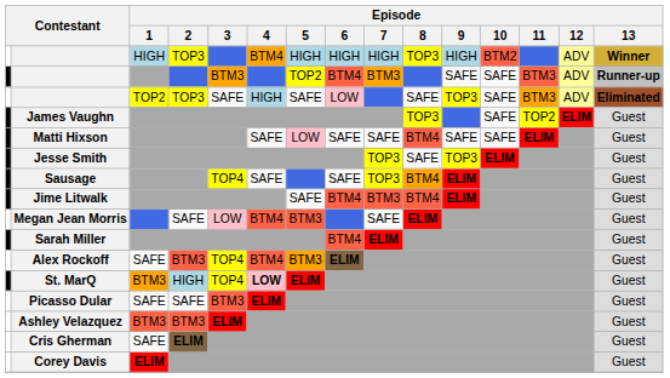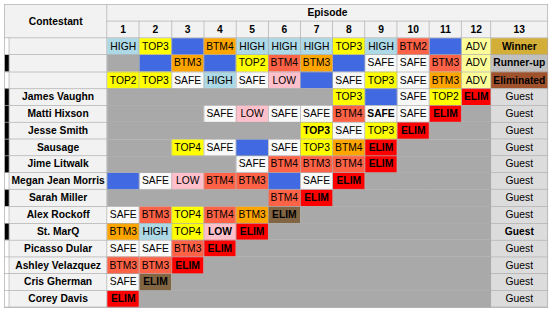 <table class="wikitable" style="text-align:center;font-size:96%">
 <tr>
 <th rowspan=2 colspan=2>Contestant</th>
 <th colspan=13>Episode</th>
 </tr>
 <tr>
 <th>1</th>
 <th>2</th>
 <th>3</th>
 <th>4</th>
 <th>5</th>
 <th>6</th>
 <th>7</th>
 <th>8</th>
 <th>9</th>
 <th>10</th>
 <th>11</th>
 <th>12</th>
 <th>13</th>
 </tr>
 <tr>
 <td style="background:white"></td>
 <th></th>
 <td style="background:lightblue;">HIGH</td>
 <td style="background:yellow ;">TOP3</td>
 <td style="background:royalblue;"><strong></strong></td>
 <td style="background:orange;">BTM4</td>
 <td style="background:lightblue;">HIGH</td>
 <td style="background:lightblue;">HIGH</td>
 <td style="background:lightblue;">HIGH</td>
 <td style="background:yellow ;">TOP3</td>
 <td style="background:lightblue;">HIGH</td>
 <td style="background:tomato;">BTM2</td>
 <td style="background:royalblue;"><strong></strong></td>
 <td style="background:#FFFF99;">ADV</td>
 <td style="background: #D4AF37" nowrap><strong>Winner</strong></td>
 </tr>
 <tr>
 <td style="background:black"></td>
 <th></th>
 <td bgcolor="darkgray" colspan="1"></td>
 <td style="background:royalblue;"><strong></strong></td>
 <td style="background:orange;">BTM3</td>
 <td style="background:royalblue;"><strong></strong></td>
 <td style="background:yellow ;">TOP2</td>
 <td style="background:tomato;">BTM4</td>
 <td style="background:orange;">BTM3</td>
 <td style="background:royalblue;"><strong></strong></td>
 <td>SAFE</td>
 <td>SAFE</td>
 <td style="background:tomato;">BTM3</td>
 <td style="background:#FFFF99;">ADV</td>
 <td style="background:silver" nowrap><strong>Runner-up</strong></td>
 </tr>
 <tr>
 <td style="background:white"></td>
 <th></th>
 <td style="background:yellow ;">TOP2</td>
 <td style="background:yellow ;">TOP3</td>
 <td>SAFE</td>
 <td style="background:lightblue;">HIGH</td>
 <td>SAFE</td>
 <td style="background:pink;">LOW</td>
 <td style="background:royalblue;"><strong></strong></td>
 <td>SAFE</td>
 <td style="background:yellow ;">TOP3</td>
 <td>SAFE</td>
 <td style="background:orange;">BTM3</td>
 <td style="background:#FFFF99;">ADV</td>
 <td style="background:sienna;"><strong>Eliminated</strong></td>
 </tr>
 <tr>
 <td style="background:black"></td>
 <th>James Vaughn</th>
 <td bgcolor="darkgray" colspan="7"></td>
 <td style="background:yellow ;">TOP3</td>
 <td style="background:royalblue;"><strong></strong></td>
 <td>SAFE</td>
 <td style="background:yellow ;">TOP2</td>
 <td style="background:red;"><strong>ELIM</strong></td>
 <td bgcolor="gainsboro">Guest</td>
 </tr>
 <tr>
 <td style="background:black"></td>
 <th>Matti Hixson</th>
 <td bgcolor="darkgray" colspan="3"></td>
 <td>SAFE</td>
 <td style="background:pink;">LOW</td>
 <td>SAFE</td>
 <td>SAFE</td>
 <td style="background:tomato;">BTM4</td>
-<td>SAFE</td>
+<td><strong>SAFE</strong></td>
 <td>SAFE</td>
 <td style="background:red;"><strong>ELIM</strong></td>
 <td bgcolor="darkgray" colspan="1"></td>
 <td bgcolor="gainsboro">Guest</td>
 </tr>
 <tr>
 <td style="background:black"></td>
 <th>Jesse Smith</th>
 <td bgcolor="darkgray" colspan="6"></td>
-<td style="background:yellow ;">TOP3</td>
+<td style="background:yellow ;"><strong>TOP3</strong></td>
 <td>SAFE</td>
 <td style="background:yellow ;">TOP3</td>
 <td style="background:red;"><strong>ELIM</strong></td>
 <td bgcolor="darkgray" colspan="2"></td>
 <td bgcolor="gainsboro">Guest</td>
 </tr>
 <tr>
 <td style="background:black"></td>
 <th>Sausage</th>
 <td bgcolor="darkgray" colspan="2"></td>
 <td style="background:yellow ;">TOP4</td>
 <td>SAFE</td>
 <td style="background:royalblue;"><strong></strong></td>
 <td>SAFE</td>
 <td style="background:yellow ;">TOP3</td>
 <td style="background:orange;">BTM4</td>
 <td style="background:red;"><strong>ELIM</strong></td>
 <td bgcolor="darkgray" colspan="3"></td>
 <td bgcolor="gainsboro">Guest</td>
 </tr>
 <tr>
 <td style="background:black"></td>
 <th>Jime Litwalk</th>
 <td bgcolor="darkgray" colspan="4"></td>
 <td>SAFE</td>
 <td style="background:tomato;">BTM4</td>
 <td style="background:tomato;">BTM3</td>
 <td style="background:tomato;">BTM4</td>
 <td style="background:red;"><strong>ELIM</strong></td>
 <td bgcolor="darkgray" colspan="3"></td>
 <td bgcolor="gainsboro">Guest</td>
 </tr>
 <tr>
 <td style="background:white"></td>
 <th>Megan Jean Morris</th>
 <td style="background:royalblue;"><strong></strong></td>
 <td>SAFE</td>
 <td style="background:pink;">LOW</td>
 <td style="background:tomato;">BTM4</td>
 <td style="background:tomato;">BTM3</td>
 <td style="background:royalblue;"><strong></strong></td>
 <td>SAFE</td>
 <td style="background:red;"><strong>ELIM</strong></td>
 <td bgcolor="darkgray" colspan="4"></td>
 <td bgcolor="gainsboro">Guest</td>
 </tr>
 <tr>
 <td style="background:black"></td>
 <th>Sarah Miller</th>
 <td bgcolor="darkgray" colspan="5"></td>
 <td style="background:tomato;">BTM4</td>
 <td style="background:red;"><strong>ELIM</strong></td>
 <td bgcolor="darkgray" colspan="5"></td>
 <td bgcolor="gainsboro">Guest</td>
 </tr>
 <tr>
 <td style="background:white"></td>
 <th>Alex Rockoff</th>
 <td>SAFE</td>
 <td style="background:tomato;">BTM3</td>
 <td style="background:yellow ;">TOP4</td>
 <td style="background:tomato;">BTM4</td>
 <td style="background:orange;">BTM3</td>
 <td style="background:#826644;"><strong>ELIM</strong></td>
 <td bgcolor="darkgray" colspan="6"></td>
 <td bgcolor="gainsboro">Guest</td>
 </tr>
 <tr>
 <td style="background:black"></td>
 <th>St. MarQ</th>
 <td style="background:orange;">BTM3</td>
 <td style="background:lightblue;">HIGH</td>
 <td style="background:yellow ;">TOP4</td>
 <td style="background:pink;"><strong>LOW</strong></td>
 <td style="background:red;"><strong>ELIM</strong></td>
 <td bgcolor="darkgray" colspan="7"></td>
-<td bgcolor="gainsboro">Guest</td>
+<td bgcolor="gainsboro"><strong>Guest</strong></td>
 </tr>
 <tr>
 <td style="background:white"></td>
 <th>Picasso Dular</th>
 <td>SAFE</td>
 <td>SAFE</td>
 <td style="background:tomato;">BTM3</td>
 <td style="background:red;"><strong>ELIM</strong></td>
 <td bgcolor="darkgray" colspan="8"></td>
 <td bgcolor="gainsboro">Guest</td>
 </tr>
 <tr>
 <td style="background:white"></td>
 <th>Ashley Velazquez</th>
 <td style="background:tomato;">BTM3</td>
 <td style="background:tomato;">BTM3</td>
 <td style="background:red;"><strong>ELIM</strong></td>
 <td bgcolor="darkgray" colspan="9"></td>
 <td bgcolor="gainsboro">Guest</td>
 </tr>
 <tr>
 <td style="background:white"></td>
 <th>Cris Gherman</th>
 <td>SAFE</td>
 <td style="background:#826644;"><strong>ELIM</strong></td>
 <td bgcolor="darkgray" colspan="10"></td>
 <td bgcolor="gainsboro">Guest</td>
 </tr>
 <tr>
 <td style="background:white"></td>
 <th>Corey Davis</th>
 <td style="background:red;"><strong>ELIM</strong></td>
 <td bgcolor="darkgray" colspan="11"></td>
 <td bgcolor="gainsboro">Guest</td>
 </tr>
 <tr>
 </tr>
 </table>
